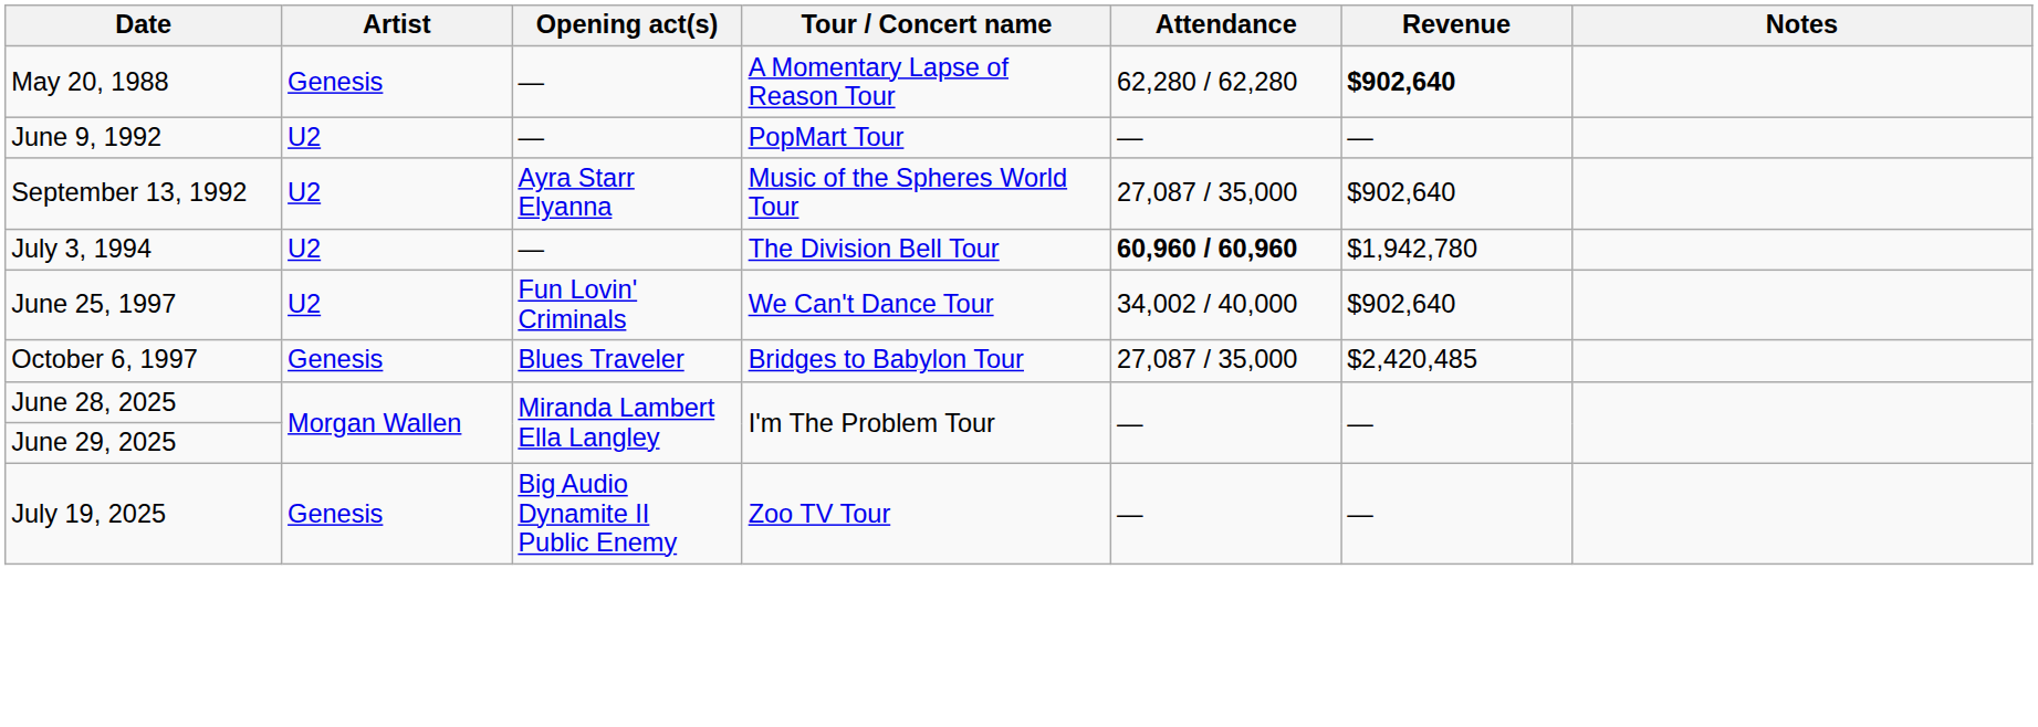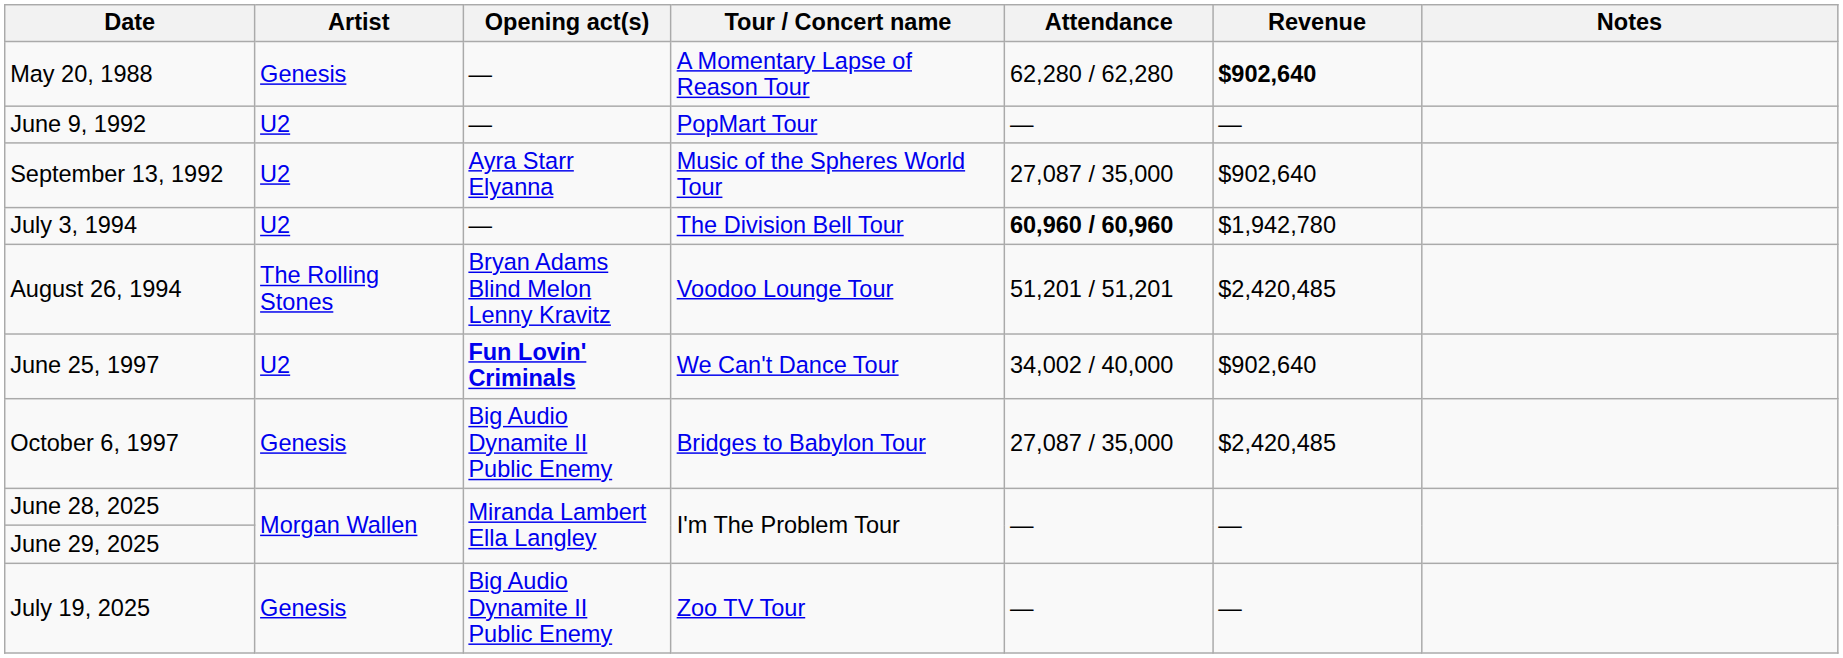 <table class="wikitable" style=font-size:100% style="text-align:center">
 <tr>
 <th width=12%>Date</th>
 <th width=10%>Artist</th>
 <th width=10%>Opening act(s)</th>
 <th width=16%>Tour / Concert name</th>
 <th width=10%>Attendance</th>
 <th width=10%>Revenue</th>
 <th width=20%>Notes</th>
 </tr>
 <tr>
 <td>May 20, 1988</td>
 <td><a href='#'>Genesis</a></td>
 <td>—</td>
 <td><a href='#'>A Momentary Lapse of Reason Tour</a></td>
 <td>62,280 / 62,280</td>
 <td><strong>$902,640</strong></td>
 <td></td>
 </tr>
 <tr>
 <td>June 9, 1992</td>
 <td><a href='#'>U2</a></td>
 <td>—</td>
 <td><a href='#'>PopMart Tour</a></td>
 <td>—</td>
 <td>—</td>
 <td></td>
 </tr>
 <tr>
 <td>September 13, 1992</td>
 <td><a href='#'>U2</a></td>
 <td><a href='#'>Ayra Starr</a><br><a href='#'>Elyanna</a></td>
 <td><a href='#'>Music of the Spheres World Tour</a></td>
 <td>27,087 / 35,000</td>
 <td>$902,640</td>
 <td></td>
 </tr>
 <tr>
 <td>July 3, 1994</td>
 <td><a href='#'>U2</a></td>
 <td>—</td>
 <td><a href='#'>The Division Bell Tour</a></td>
 <td><strong>60,960 / 60,960</strong></td>
 <td>$1,942,780</td>
 <td></td>
 </tr>
 <tr>
+<td>August 26, 1994</td>
+<td><a href='#'>The Rolling Stones</a></td>
+<td><a href='#'>Bryan Adams</a><br><a href='#'>Blind Melon</a><br><a href='#'>Lenny Kravitz</a></td>
+<td><a href='#'>Voodoo Lounge Tour</a></td>
+<td>51,201 / 51,201</td>
+<td>$2,420,485</td>
+<td></td>
+</tr>
+<tr>
 <td>June 25, 1997</td>
 <td><a href='#'>U2</a></td>
-<td><a href='#'>Fun Lovin' Criminals</a></td>
+<td><strong><a href='#'>Fun Lovin' Criminals</a></strong></td>
 <td><a href='#'>We Can't Dance Tour</a></td>
 <td>34,002 / 40,000</td>
 <td>$902,640</td>
 <td></td>
 </tr>
 <tr>
 <td>October 6, 1997</td>
 <td><a href='#'>Genesis</a></td>
-<td><a href='#'>Blues Traveler</a></td>
+<td><a href='#'>Big Audio Dynamite II</a><br><a href='#'>Public Enemy</a></td>
 <td><a href='#'>Bridges to Babylon Tour</a></td>
 <td>27,087 / 35,000</td>
 <td>$2,420,485</td>
 <td></td>
 </tr>
 <tr>
 <td>June 28, 2025</td>
 <td rowspan=2><a href='#'>Morgan Wallen</a></td>
 <td rowspan=2><a href='#'>Miranda Lambert</a><br><a href='#'>Ella Langley</a></td>
 <td rowspan=2>I'm The Problem Tour</td>
 <td rowspan=2>—</td>
 <td rowspan=2>—</td>
 <td rowspan=2></td>
 </tr>
 <tr>
 <td>June 29, 2025</td>
 </tr>
 <tr>
 <td>July 19, 2025</td>
 <td><a href='#'>Genesis</a></td>
 <td><a href='#'>Big Audio Dynamite II</a><br><a href='#'>Public Enemy</a></td>
 <td><a href='#'>Zoo TV Tour</a></td>
 <td>—</td>
 <td>—</td>
 <td></td>
 </tr>
 </table>
